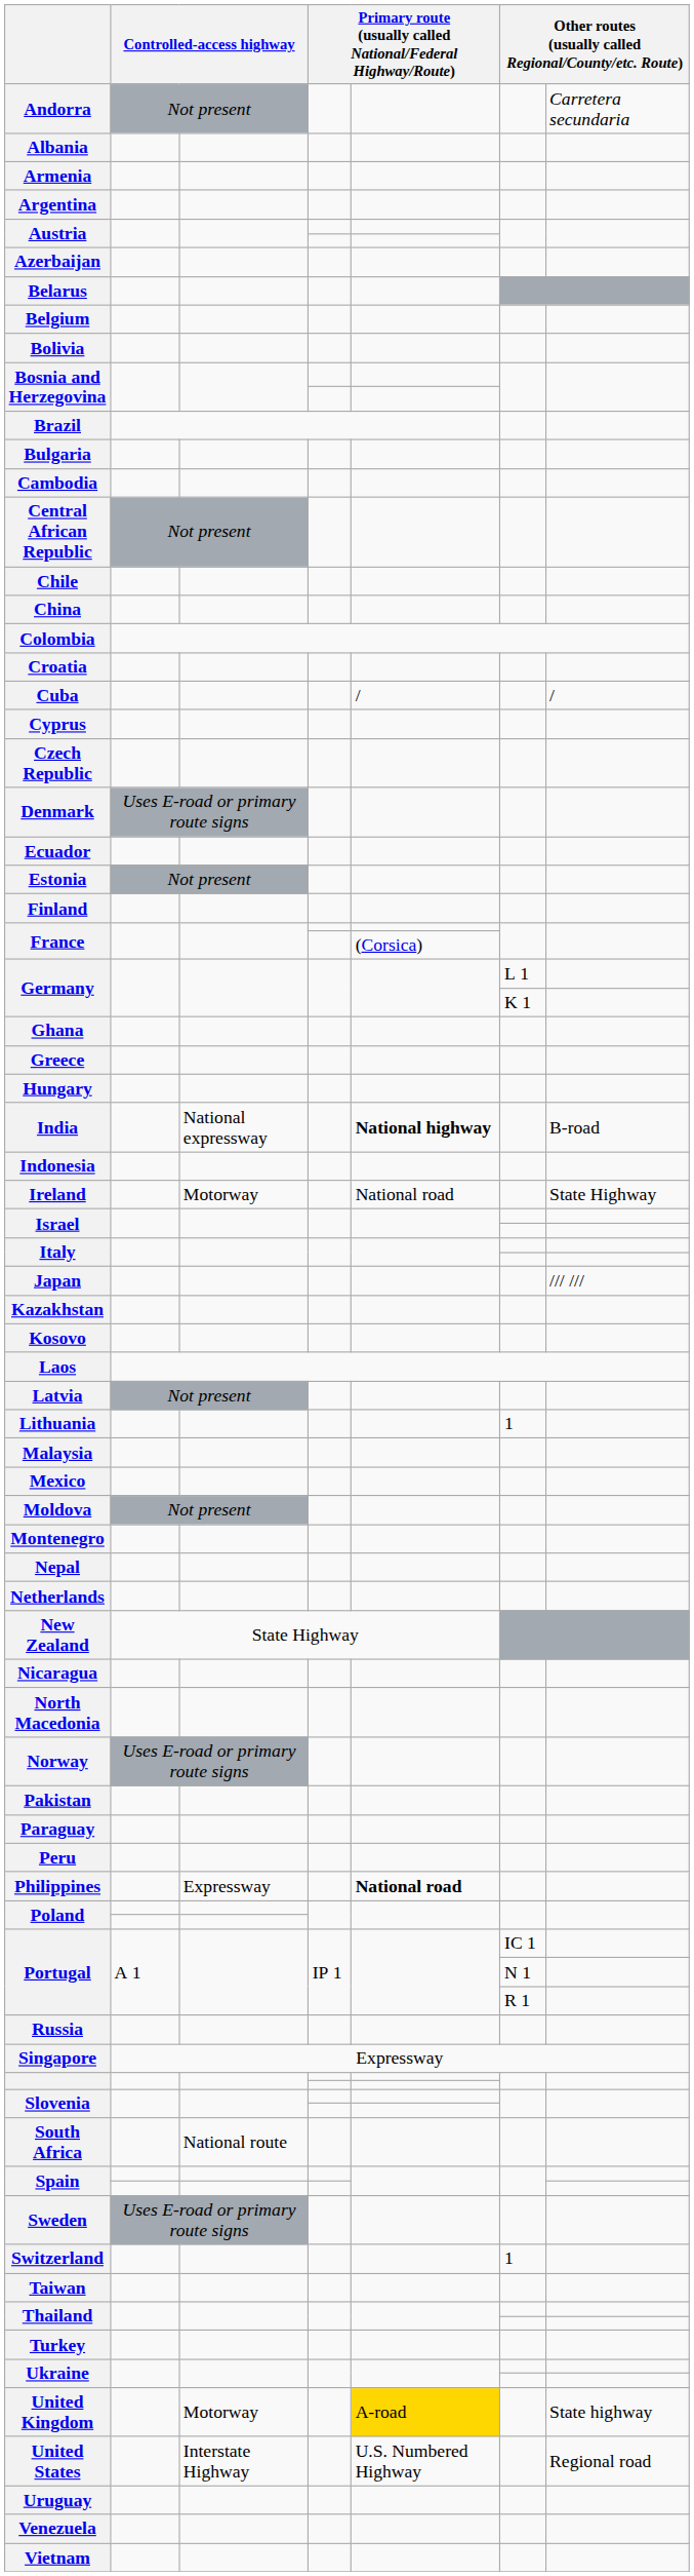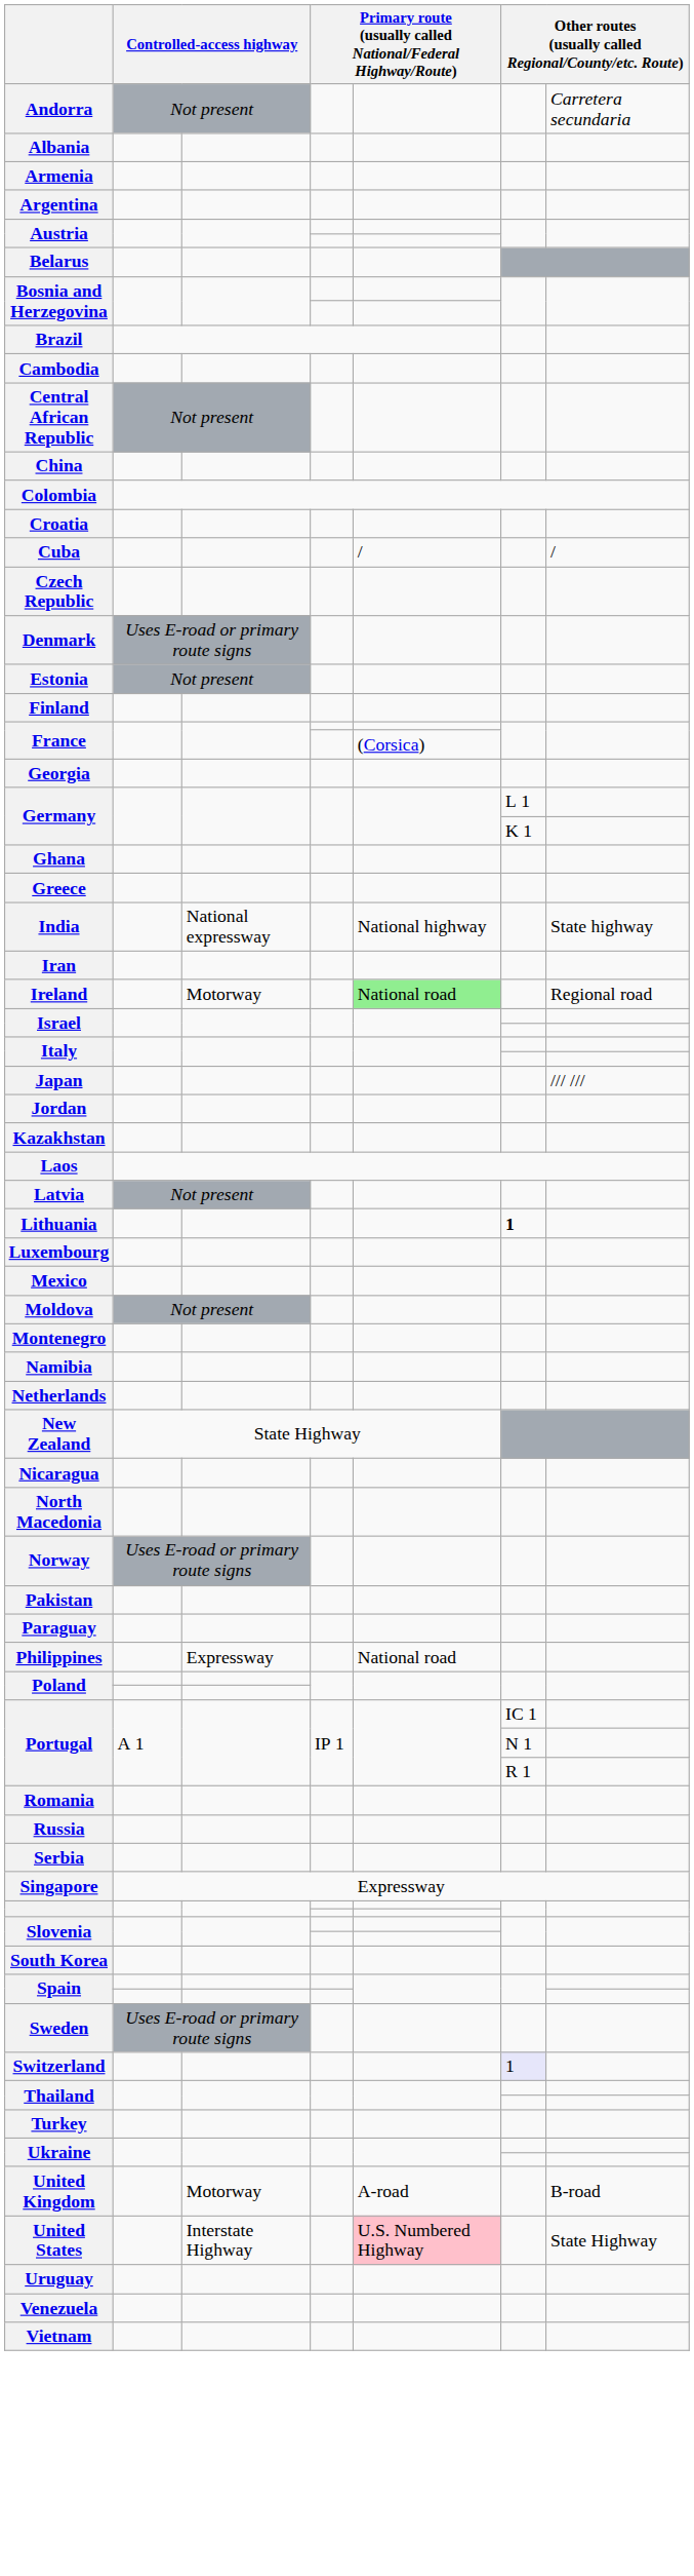 <table class="wikitable" style="text-align:left;">
 <tr style="font-size:smaller;">
 <th width="50"></th>
 <th colspan="2"><a href='#'>Controlled-access highway</a></th>
 <th colspan="2"><a href='#'>Primary route</a><br>(usually called <em>National/Federal Highway/Route</em>)</th>
 <th colspan="2">Other routes<br>(usually called <em>Regional/County/etc. Route</em>)</th>
 </tr>
 <tr>
 <th><a href='#'>Andorra</a></th>
 <td colspan="2" style="background: #a2a9b1; text-align:center"><em>Not present</em></td>
 <td></td>
 <td></td>
 <td></td>
 <td><em>Carretera secundaria</em></td>
 </tr>
 <tr>
 <th><a href='#'>Albania</a></th>
 <td style="min-width: 50px"></td>
 <td></td>
 <td></td>
 <td></td>
 <td></td>
 <td></td>
 </tr>
 <tr>
 <th><a href='#'>Armenia</a></th>
 <td></td>
 <td>  </td>
 <td></td>
 <td>  </td>
 <td></td>
 <td>  </td>
 </tr>
 <tr>
 <th><a href='#'>Argentina</a></th>
 <td></td>
 <td></td>
 <td></td>
 <td></td>
 <td></td>
 <td></td>
 </tr>
 <tr>
 <th rowspan="2"><a href='#'>Austria</a></th>
 <td rowspan="2"></td>
 <td rowspan="2"></td>
 <td></td>
 <td></td>
 <td rowspan="2"></td>
 <td rowspan="2"></td>
 </tr>
 <tr>
 <td></td>
 <td></td>
 </tr>
 <tr>
-<th><a href='#'>Azerbaijan</a></th>
-<td></td>
-<td></td>
-<td></td>
-<td></td>
-<td></td>
-<td></td>
-</tr>
-<tr>
 <th><a href='#'>Belarus</a></th>
 <td></td>
 <td>  </td>
 <td></td>
 <td>  </td>
 <td colspan="2" style="background: #a2a9b1"></td>
-</tr>
-<tr>
-<th><a href='#'>Belgium</a></th>
-<td></td>
-<td>  </td>
-<td></td>
-<td>  </td>
-<td></td>
-<td></td>
-</tr>
-<tr>
-<th><a href='#'>Bolivia</a></th>
-<td></td>
-<td></td>
-<td></td>
-<td></td>
-<td></td>
-<td></td>
 </tr>
 <tr>
 <th rowspan="2"><a href='#'>Bosnia and Herzegovina</a></th>
 <td rowspan="2"></td>
 <td rowspan="2"></td>
 <td></td>
 <td></td>
 <td rowspan="2"></td>
 <td rowspan="2"></td>
 </tr>
 <tr>
 <td></td>
 <td></td>
 </tr>
 <tr>
 <th><a href='#'>Brazil</a></th>
 <td colspan="4" style="text-align:center"> </td>
 <td></td>
 <td></td>
 </tr>
 <tr>
-<th><a href='#'>Bulgaria</a></th>
-<td></td>
-<td>  </td>
-<td></td>
-<td>  </td>
-<td></td>
-<td></td>
-</tr>
-<tr>
 <th><a href='#'>Cambodia</a></th>
 <td></td>
 <td></td>
 <td></td>
 <td></td>
 <td></td>
 <td></td>
 </tr>
 <tr>
 <th><a href='#'>Central African Republic</a></th>
 <td colspan="2" style="background: #a2a9b1; text-align:center"><em>Not present</em></td>
-<td></td>
-<td></td>
-<td></td>
-<td></td>
-</tr>
-<tr>
-<th><a href='#'>Chile</a></th>
-<td></td>
-<td></td>
 <td></td>
 <td></td>
 <td></td>
 <td></td>
 </tr>
 <tr>
 <th><a href='#'>China</a></th>
 <td></td>
 <td>  </td>
 <td></td>
 <td>  </td>
 <td></td>
 <td>  </td>
 </tr>
 <tr>
 <th><a href='#'>Colombia</a></th>
 <td colspan=6 style="text-align:center"> </td>
 </tr>
 <tr>
 <th><a href='#'>Croatia</a></th>
 <td></td>
 <td></td>
 <td></td>
 <td></td>
 <td></td>
 <td></td>
 </tr>
 <tr>
 <th><a href='#'>Cuba</a></th>
 <td></td>
 <td></td>
 <td></td>
 <td> / </td>
 <td></td>
 <td> / </td>
 </tr>
 <tr>
-<th><a href='#'>Cyprus</a></th>
-<td></td>
-<td>  </td>
-<td></td>
-<td></td>
-<td></td>
-<td></td>
-</tr>
-<tr>
 <th><a href='#'>Czech Republic</a></th>
 <td></td>
 <td></td>
 <td></td>
 <td></td>
 <td></td>
 <td></td>
 </tr>
 <tr>
 <th><a href='#'>Denmark</a></th>
 <td colspan="2" style="background: #a2a9b1; text-align:center"><em>Uses E-road or primary route signs</em></td>
-<td></td>
-<td></td>
-<td></td>
-<td></td>
-</tr>
-<tr>
-<th><a href='#'>Ecuador</a></th>
-<td></td>
-<td></td>
 <td></td>
 <td></td>
 <td></td>
 <td></td>
 </tr>
 <tr>
 <th><a href='#'>Estonia</a></th>
 <td colspan="2" style="background: #a2a9b1; text-align:center"><em>Not present</em></td>
 <td></td>
 <td></td>
 <td></td>
 <td></td>
 </tr>
 <tr>
 <th><a href='#'>Finland</a></th>
 <td></td>
 <td></td>
 <td></td>
 <td></td>
 <td></td>
 <td></td>
 </tr>
 <tr>
 <th rowspan="2"><a href='#'>France</a></th>
 <td rowspan="2"></td>
 <td rowspan="2"></td>
 <td></td>
 <td></td>
 <td rowspan="2"></td>
 <td rowspan="2"></td>
 </tr>
 <tr>
 <td></td>
 <td> (<a href='#'>Corsica</a>)</td>
 </tr>
 <tr>
+<th><a href='#'>Georgia</a></th>
+<td></td>
+<td>  </td>
+<td></td>
+<td>  </td>
+<td></td>
+<td>  </td>
+</tr>
+<tr>
 <th rowspan="2"><a href='#'>Germany</a></th>
 <td rowspan="2"></td>
 <td rowspan="2"></td>
 <td rowspan="2"></td>
 <td rowspan="2"></td>
 <td><span>L 1</span></td>
 <td></td>
 </tr>
 <tr>
 <td><span>K 1</span></td>
 <td></td>
 </tr>
 <tr>
 <th><a href='#'>Ghana</a></th>
 <td></td>
 <td></td>
 <td></td>
 <td></td>
 <td></td>
 <td></td>
 </tr>
 <tr>
 <th><a href='#'>Greece</a></th>
 <td></td>
 <td>  </td>
 <td></td>
 <td>  </td>
 <td></td>
 <td></td>
 </tr>
 <tr>
-<th><a href='#'>Hungary</a></th>
-<td></td>
-<td></td>
-<td></td>
-<td></td>
-<td></td>
-<td></td>
-</tr>
-<tr>
 <th><a href='#'>India</a></th>
 <td></td>
 <td>National expressway</td>
 <td></td>
-<td><strong>National highway</strong></td>
+<td>National highway</td>
 <td></td>
-<td>B-road</td>
+<td>State highway</td>
 </tr>
 <tr>
-<th><a href='#'>Indonesia</a></th>
+<th><a href='#'>Iran</a></th>
 <td></td>
+<td>  </td>
 <td></td>
+<td>  </td>
 <td></td>
-<td></td>
-<td></td>
-<td></td>
+<td>  </td>
 </tr>
 <tr>
 <th><a href='#'>Ireland</a></th>
 <td></td>
 <td>Motorway  </td>
 <td></td>
-<td>National road  </td>
+<td style="background: lightgreen;">National road  </td>
 <td></td>
-<td>State Highway</td>
+<td>Regional road  </td>
 </tr>
 <tr>
 <th rowspan="2"><a href='#'>Israel</a></th>
 <td rowspan="2"></td>
 <td rowspan="2">  </td>
 <td rowspan="2"></td>
 <td rowspan="2">  </td>
 <td></td>
 <td>  </td>
 </tr>
 <tr>
 <td></td>
 <td>  </td>
 </tr>
 <tr>
 <th rowspan="2"><a href='#'>Italy</a></th>
 <td rowspan="2"></td>
 <td rowspan="2"></td>
 <td rowspan="2"></td>
 <td rowspan="2"></td>
 <td></td>
 <td></td>
 </tr>
 <tr>
 <td></td>
 <td></td>
 </tr>
 <tr>
 <th><a href='#'>Japan</a></th>
 <td></td>
 <td>  </td>
 <td></td>
 <td>  </td>
 <td></td>
 <td>/// ///</td>
 </tr>
 <tr>
-<th><a href='#'>Kazakhstan</a></th>
+<th><a href='#'>Jordan</a></th>
 <td></td>
 <td></td>
 <td></td>
 <td></td>
 <td></td>
 <td></td>
 </tr>
 <tr>
-<th><a href='#'>Kosovo</a></th>
+<th><a href='#'>Kazakhstan</a></th>
 <td></td>
 <td></td>
 <td></td>
 <td></td>
 <td></td>
 <td></td>
 </tr>
 <tr>
 <th><a href='#'>Laos</a></th>
 <td colspan="6" style="text-align:center"></td>
 </tr>
 <tr>
 <th><a href='#'>Latvia</a></th>
 <td colspan="2" style="background: #a2a9b1; text-align:center"><em>Not present</em></td>
 <td></td>
 <td></td>
 <td></td>
 <td></td>
 </tr>
 <tr>
 <th><a href='#'>Lithuania</a></th>
 <td></td>
 <td></td>
 <td></td>
 <td></td>
-<td><span>1</span></td>
+<td><strong><span>1</span></strong></td>
 <td></td>
 </tr>
 <tr>
-<th><a href='#'>Malaysia</a></th>
+<th><a href='#'>Luxembourg</a></th>
 <td></td>
+<td>  </td>
 <td></td>
-<td></td>
-<td></td>
+<td>  </td>
 <td></td>
 <td></td>
 </tr>
 <tr>
 <th><a href='#'>Mexico</a></th>
 <td></td>
 <td></td>
 <td></td>
 <td></td>
 <td></td>
 <td></td>
 </tr>
 <tr>
 <th><a href='#'>Moldova</a></th>
 <td colspan="2" style="background: #a2a9b1; text-align:center"><em>Not present</em></td>
 <td></td>
 <td></td>
 <td></td>
 <td></td>
 </tr>
 <tr>
 <th><a href='#'>Montenegro</a></th>
 <td></td>
 <td></td>
 <td></td>
 <td></td>
 <td></td>
 <td></td>
 </tr>
 <tr>
-<th><a href='#'>Nepal</a></th>
+<th><a href='#'>Namibia</a></th>
 <td></td>
 <td></td>
 <td></td>
 <td></td>
 <td></td>
 <td></td>
 </tr>
 <tr>
 <th><a href='#'>Netherlands</a></th>
 <td></td>
 <td></td>
 <td></td>
 <td></td>
 <td></td>
 <td></td>
 </tr>
 <tr>
 <th><a href='#'>New Zealand</a></th>
 <td colspan="4" style="text-align:center"> State Highway</td>
 <td colspan="2" style="background: #a2a9b1"></td>
 </tr>
 <tr>
 <th><a href='#'>Nicaragua</a></th>
 <td></td>
 <td></td>
 <td></td>
 <td></td>
 <td></td>
 <td></td>
 </tr>
 <tr>
 <th><a href='#'>North Macedonia</a></th>
 <td></td>
 <td></td>
 <td></td>
 <td></td>
 <td></td>
 <td></td>
 </tr>
 <tr>
 <th><a href='#'>Norway</a></th>
 <td colspan="2" style="background: #a2a9b1; text-align:center"><em>Uses E-road or primary route signs</em></td>
 <td></td>
 <td></td>
 <td></td>
 <td></td>
 </tr>
 <tr>
 <th><a href='#'>Pakistan</a></th>
 <td></td>
 <td></td>
 <td></td>
 <td></td>
 <td></td>
 <td></td>
 </tr>
 <tr>
 <th><a href='#'>Paraguay</a></th>
 <td></td>
 <td></td>
 <td></td>
 <td></td>
 <td></td>
 <td></td>
 </tr>
 <tr>
-<th><a href='#'>Peru</a></th>
-<td></td>
-<td></td>
-<td></td>
-<td></td>
-<td></td>
-<td></td>
-</tr>
-<tr>
 <th><a href='#'>Philippines</a></th>
 <td></td>
 <td>Expressway</td>
 <td></td>
-<td><strong>National road</strong></td>
+<td>National road</td>
 <td></td>
 <td></td>
 </tr>
 <tr>
 <th rowspan="2"><a href='#'>Poland</a></th>
 <td></td>
 <td></td>
 <td rowspan="2"></td>
 <td rowspan="2"></td>
 <td rowspan="2"></td>
 <td rowspan="2"></td>
 </tr>
 <tr>
 <td></td>
 <td></td>
 </tr>
 <tr>
 <th rowspan="3"><a href='#'>Portugal</a></th>
 <td rowspan="3"><span>A 1</span></td>
 <td rowspan="3"></td>
 <td rowspan="3"><span>IP 1</span></td>
 <td rowspan="3"></td>
 <td><span>IC 1</span></td>
 <td></td>
 </tr>
 <tr>
 <td><span>N 1</span></td>
 <td></td>
 </tr>
 <tr>
 <td><span>R 1</span></td>
 <td></td>
 </tr>
 <tr>
+<th><a href='#'>Romania</a></th>
+<td></td>
+<td></td>
+<td></td>
+<td></td>
+<td></td>
+<td></td>
+</tr>
+<tr>
 <th><a href='#'>Russia</a></th>
+<td></td>
+<td></td>
+<td></td>
+<td></td>
+<td></td>
+<td></td>
+</tr>
+<tr>
+<th><a href='#'>Serbia</a></th>
 <td></td>
 <td></td>
 <td></td>
 <td></td>
 <td></td>
 <td></td>
 </tr>
 <tr>
 <th><a href='#'>Singapore</a></th>
 <td colspan="6" style="text-align:center"> Expressway</td>
 </tr>
 <tr>
 <th rowspan="2"></th>
 <td rowspan="2"></td>
 <td rowspan="2"></td>
 <td></td>
 <td></td>
 <td rowspan="2"></td>
 <td rowspan="2"></td>
 </tr>
 <tr>
 <td></td>
 <td></td>
 </tr>
 <tr>
 <th rowspan="2"><a href='#'>Slovenia</a></th>
 <td rowspan="2"></td>
 <td rowspan="2"></td>
 <td></td>
 <td></td>
 <td rowspan="2"></td>
 <td rowspan="2"></td>
 </tr>
 <tr>
 <td></td>
 <td></td>
 </tr>
 <tr>
-<th><a href='#'>South Africa</a></th>
+<th><a href='#'>South Korea</a></th>
 <td></td>
-<td>National route</td>
+<td>  </td>
 <td></td>
+<td>  </td>
 <td></td>
-<td></td>
-<td></td>
+<td>  </td>
 </tr>
 <tr>
 <th rowspan="2"><a href='#'>Spain</a></th>
 <td></td>
 <td></td>
 <td></td>
 <td rowspan="2"></td>
 <td rowspan="2"></td>
 <td></td>
 </tr>
 <tr>
 <td></td>
 <td></td>
 <td></td>
 <td></td>
 </tr>
 <tr>
 <th><a href='#'>Sweden</a></th>
 <td colspan="2" style="background: #a2a9b1; text-align:center"><em>Uses E-road or primary route signs</em></td>
 <td></td>
 <td></td>
 <td></td>
 <td></td>
 </tr>
 <tr>
 <th><a href='#'>Switzerland</a></th>
 <td></td>
 <td></td>
 <td></td>
 <td></td>
-<td><span>1</span></td>
+<td style="background: lavender;"><span>1</span></td>
 <td></td>
-</tr>
-<tr>
-<th><a href='#'>Taiwan</a></th>
-<td></td>
-<td>  </td>
-<td></td>
-<td>  </td>
-<td></td>
-<td>  </td>
 </tr>
 <tr>
 <th rowspan="2"><a href='#'>Thailand</a></th>
 <td rowspan="2"></td>
 <td rowspan="2">  </td>
 <td rowspan="2"></td>
 <td rowspan="2">  </td>
 <td rowspan="1"></td>
 <td>  </td>
 </tr>
 <tr>
 <td></td>
 <td>  </td>
 </tr>
 <tr>
 <th><a href='#'>Turkey</a></th>
 <td></td>
 <td></td>
 <td></td>
 <td></td>
 <td></td>
 <td></td>
 </tr>
 <tr>
 <th rowspan="2"><a href='#'>Ukraine</a></th>
 <td rowspan="2"></td>
 <td rowspan="2"></td>
 <td rowspan="2"></td>
 <td rowspan="2"></td>
 <td></td>
 <td></td>
 </tr>
 <tr>
 <td></td>
 <td></td>
 </tr>
 <tr>
 <th><a href='#'>United Kingdom</a></th>
 <td></td>
 <td>Motorway</td>
 <td></td>
-<td style="background: gold;">A-road</td>
+<td>A-road</td>
 <td></td>
-<td>State highway</td>
+<td>B-road</td>
 </tr>
 <tr>
 <th><a href='#'>United States</a></th>
 <td></td>
 <td>Interstate Highway</td>
 <td></td>
-<td>U.S. Numbered Highway</td>
+<td style="background: pink;">U.S. Numbered Highway</td>
 <td></td>
-<td>Regional road  </td>
+<td>State Highway</td>
 </tr>
 <tr>
 <th><a href='#'>Uruguay</a></th>
 <td></td>
 <td></td>
 <td></td>
 <td></td>
 <td></td>
 <td></td>
 </tr>
 <tr>
 <th><a href='#'>Venezuela</a></th>
 <td></td>
 <td></td>
 <td></td>
 <td></td>
 <td></td>
 <td></td>
 </tr>
 <tr>
 <th><a href='#'>Vietnam</a></th>
 <td></td>
 <td></td>
 <td></td>
 <td></td>
 <td></td>
 <td></td>
 </tr>
 </table>
